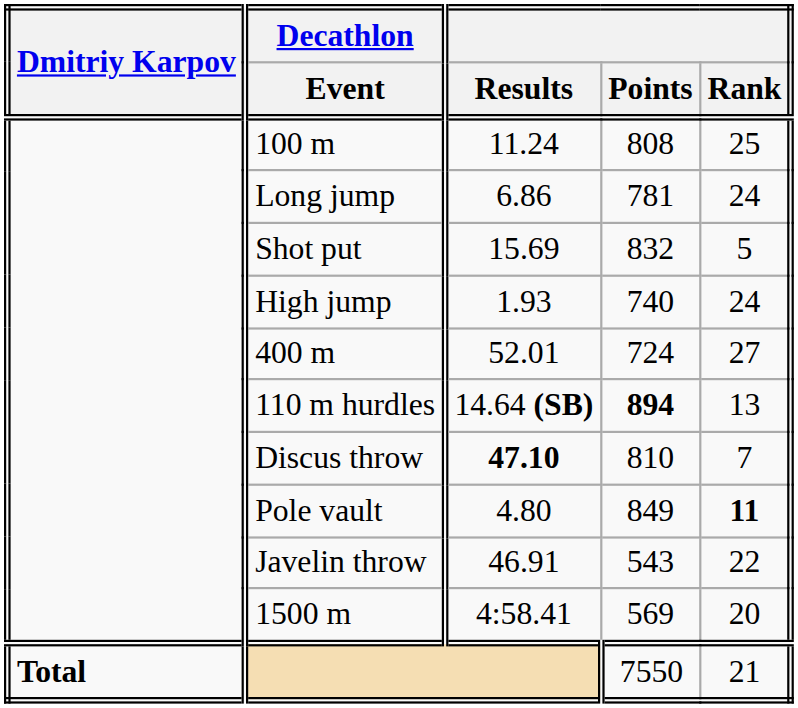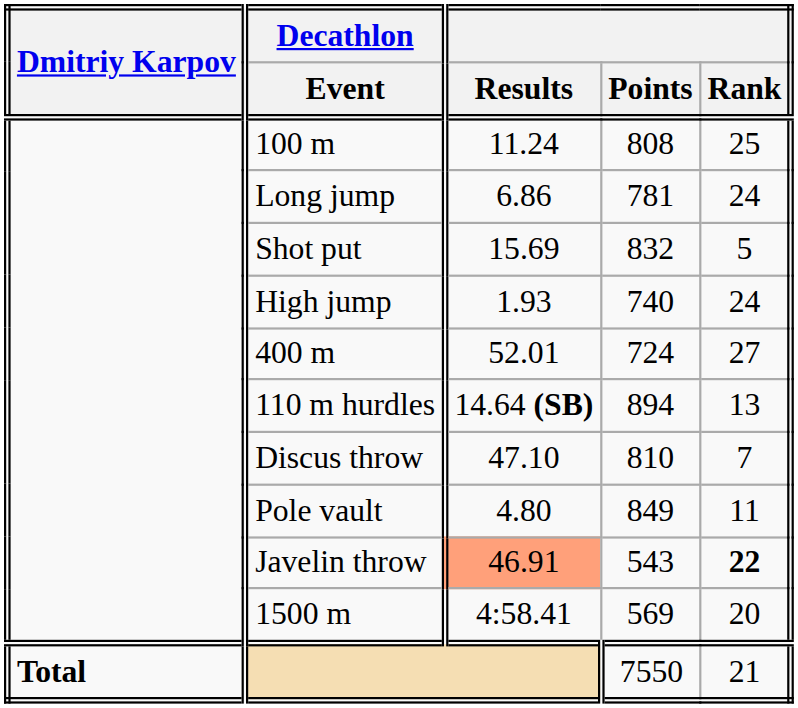 <table class=wikitable style="font-size:90%; border: double;">
 <tr>
 <th style="border-right:double" rowspan="2"><a href='#'>Dmitriy Karpov</a></th>
 <th style="border-right:double"><a href='#'>Decathlon</a></th>
 <th colspan="3"></th>
 </tr>
 <tr>
 <th style="border-right:double">Event</th>
 <th>Results</th>
 <th>Points</th>
 <th>Rank</th>
 </tr>
 <tr style="border-top: double;">
 <td style="border-right:double" rowspan="10"></td>
 <td style="border-right:double">100 m</td>
 <td align=center>11.24</td>
 <td align=center>808</td>
 <td align=center>25</td>
 </tr>
 <tr>
 <td style="border-right:double">Long jump</td>
 <td align=center>6.86</td>
 <td align=center>781</td>
 <td align=center>24</td>
 </tr>
 <tr>
 <td style="border-right:double">Shot put</td>
 <td align=center>15.69</td>
 <td align=center>832</td>
 <td align=center>5</td>
 </tr>
 <tr>
 <td style="border-right:double">High jump</td>
 <td align=center>1.93</td>
 <td align=center>740</td>
 <td align=center>24</td>
 </tr>
 <tr>
 <td style="border-right:double">400 m</td>
 <td align=center>52.01</td>
 <td align=center>724</td>
 <td align=center>27</td>
 </tr>
 <tr>
 <td style="border-right:double">110 m hurdles</td>
 <td align=center>14.64 <strong>(SB)</strong></td>
-<td align=center><strong>894</strong></td>
+<td align=center>894</td>
 <td align=center>13</td>
 </tr>
 <tr>
 <td style="border-right:double">Discus throw</td>
-<td align=center><strong>47.10</strong></td>
+<td align=center>47.10</td>
 <td align=center>810</td>
 <td align=center>7</td>
 </tr>
 <tr>
 <td style="border-right:double">Pole vault</td>
 <td align=center>4.80</td>
 <td align=center>849</td>
-<td align=center><strong>11</strong></td>
+<td align=center>11</td>
 </tr>
 <tr>
 <td style="border-right:double">Javelin throw</td>
-<td align=center>46.91</td>
+<td align=center style="background: lightsalmon;">46.91</td>
 <td align=center>543</td>
-<td align=center>22</td>
+<td align=center><strong>22</strong></td>
 </tr>
 <tr>
 <td style="border-right:double">1500 m</td>
 <td align=center>4:58.41</td>
 <td align=center>569</td>
 <td align=center>20</td>
 </tr>
 <tr style="border-top: double;">
 <td style="border-right:double"><strong>Total</strong></td>
 <td colspan="2" style="background:wheat; border-right:double;"></td>
 <td align=center>7550</td>
 <td align=center>21</td>
 </tr>
 </table>
